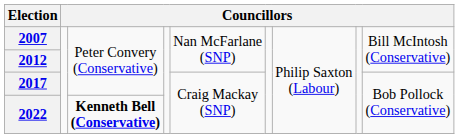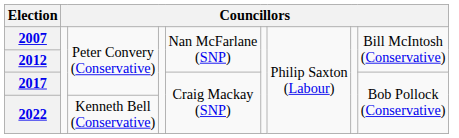 <table class="wikitable" style="text-align:center">
 <tr>
 <th>Election</th>
 <th colspan=8>Councillors</th>
 </tr>
 <tr>
 <th><a href='#'>2007</a></th>
 <td rowspan=4; style="background-color: "></td>
 <td rowspan=3>Peter Convery<br>(<a href='#'>Conservative</a>)</td>
 <td rowspan=4; style="background-color: "></td>
 <td rowspan=2>Nan McFarlane<br>(<a href='#'>SNP</a>)</td>
 <td rowspan=4; style="background-color: "></td>
 <td rowspan=4>Philip Saxton<br>(<a href='#'>Labour</a>)</td>
 <td rowspan=4; style="background-color: "></td>
 <td rowspan=2>Bill McIntosh<br>(<a href='#'>Conservative</a>)</td>
 </tr>
 <tr>
 <th><a href='#'>2012</a></th>
 </tr>
 <tr>
 <th><a href='#'>2017</a></th>
 <td rowspan=2>Craig Mackay<br>(<a href='#'>SNP</a>)</td>
 <td rowspan=2>Bob Pollock<br>(<a href='#'>Conservative</a>)</td>
 </tr>
 <tr>
 <th><a href='#'>2022</a></th>
-<td rowspan=1><strong>Kenneth Bell<br>(<a href='#'>Conservative</a>)</strong></td>
+<td rowspan=1>Kenneth Bell<br>(<a href='#'>Conservative</a>)</td>
 </tr>
 </table>
